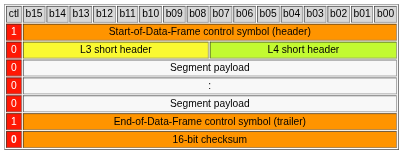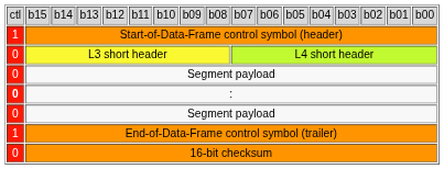 <table border="1" cellpadding="3" style="margin: 1em auto 1em auto">
 <tr style="background:#D8D8D8; color:black">
 <td align="center background:#FF1804;">ctl</td>
 <td>b15</td>
 <td>b14</td>
 <td>b13</td>
 <td>b12</td>
 <td>b11</td>
 <td>b10</td>
 <td>b09</td>
 <td>b08</td>
 <td>b07</td>
 <td>b06</td>
 <td>b05</td>
 <td>b04</td>
 <td>b03</td>
 <td>b02</td>
 <td>b01</td>
 <td>b00</td>
 </tr>
 <tr style="background:#FF9400; color:black" align="center">
 <td style="background:#FF1804; color:white">1</td>
 <td colspan="16">Start-of-Data-Frame control symbol (header)</td>
 </tr>
 <tr style="background:#F8F8F8; color:black" align="center">
 <td style="background:#FF1804; color:white">0</td>
 <td colspan="8" style="background:#FAF931">L3 short header</td>
 <td colspan="8" style="background:#C2FA31">L4 short header</td>
 </tr>
 <tr style="background:#F8F8F8; color:black" align="center">
 <td style="background:#FF1804; color:white">0</td>
 <td colspan="16">Segment payload</td>
 </tr>
 <tr style="background:#F8F8F8; color:black" align="center">
-<td style="background:#FF1804; color:white">0</td>
+<td style="background:#FF1804; color:white"><strong>0</strong></td>
 <td colspan="16">:</td>
 </tr>
 <tr style="background:#F8F8F8; color:black" align="center">
 <td style="background:#FF1804; color:white">0</td>
 <td colspan="16">Segment payload</td>
 </tr>
 <tr style="background:#FF9400; color:black" align="center">
 <td style="background:#FF1804; color:white">1</td>
 <td colspan="16">End-of-Data-Frame control symbol (trailer)</td>
 </tr>
 <tr style="background:#FF9400; color:black" align="center">
-<td style="background:#FF1804; color:white"><strong>0</strong></td>
+<td style="background:#FF1804; color:white">0</td>
 <td colspan="16">16-bit checksum</td>
 </tr>
 </table>
